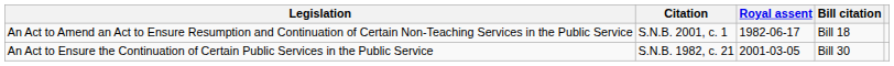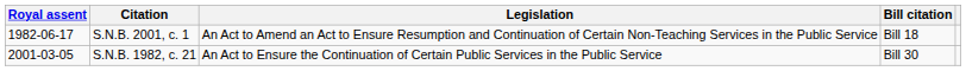 <table class="wikitable sortable">
 <tr>
+<th><a href='#'>Royal assent</a></th>
+<th>Citation</th>
 <th>Legislation</th>
-<th>Citation</th>
-<th><a href='#'>Royal assent</a></th>
 <th>Bill citation</th>
 <th></th>
 </tr>
 <tr>
+<td>1982-06-17</td>
+<td>S.N.B. 2001, c. 1</td>
 <td>An Act to Amend an Act to Ensure Resumption and Continuation of Certain Non-Teaching Services in the Public Service</td>
-<td>S.N.B. 2001, c. 1</td>
-<td>1982-06-17</td>
 <td>Bill 18</td>
 <td></td>
 </tr>
 <tr>
+<td>2001-03-05</td>
+<td>S.N.B. 1982, c. 21</td>
 <td>An Act to Ensure the Continuation of Certain Public Services in the Public Service</td>
-<td>S.N.B. 1982, c. 21</td>
-<td>2001-03-05</td>
 <td>Bill 30</td>
 <td></td>
 </tr>
 </table>
